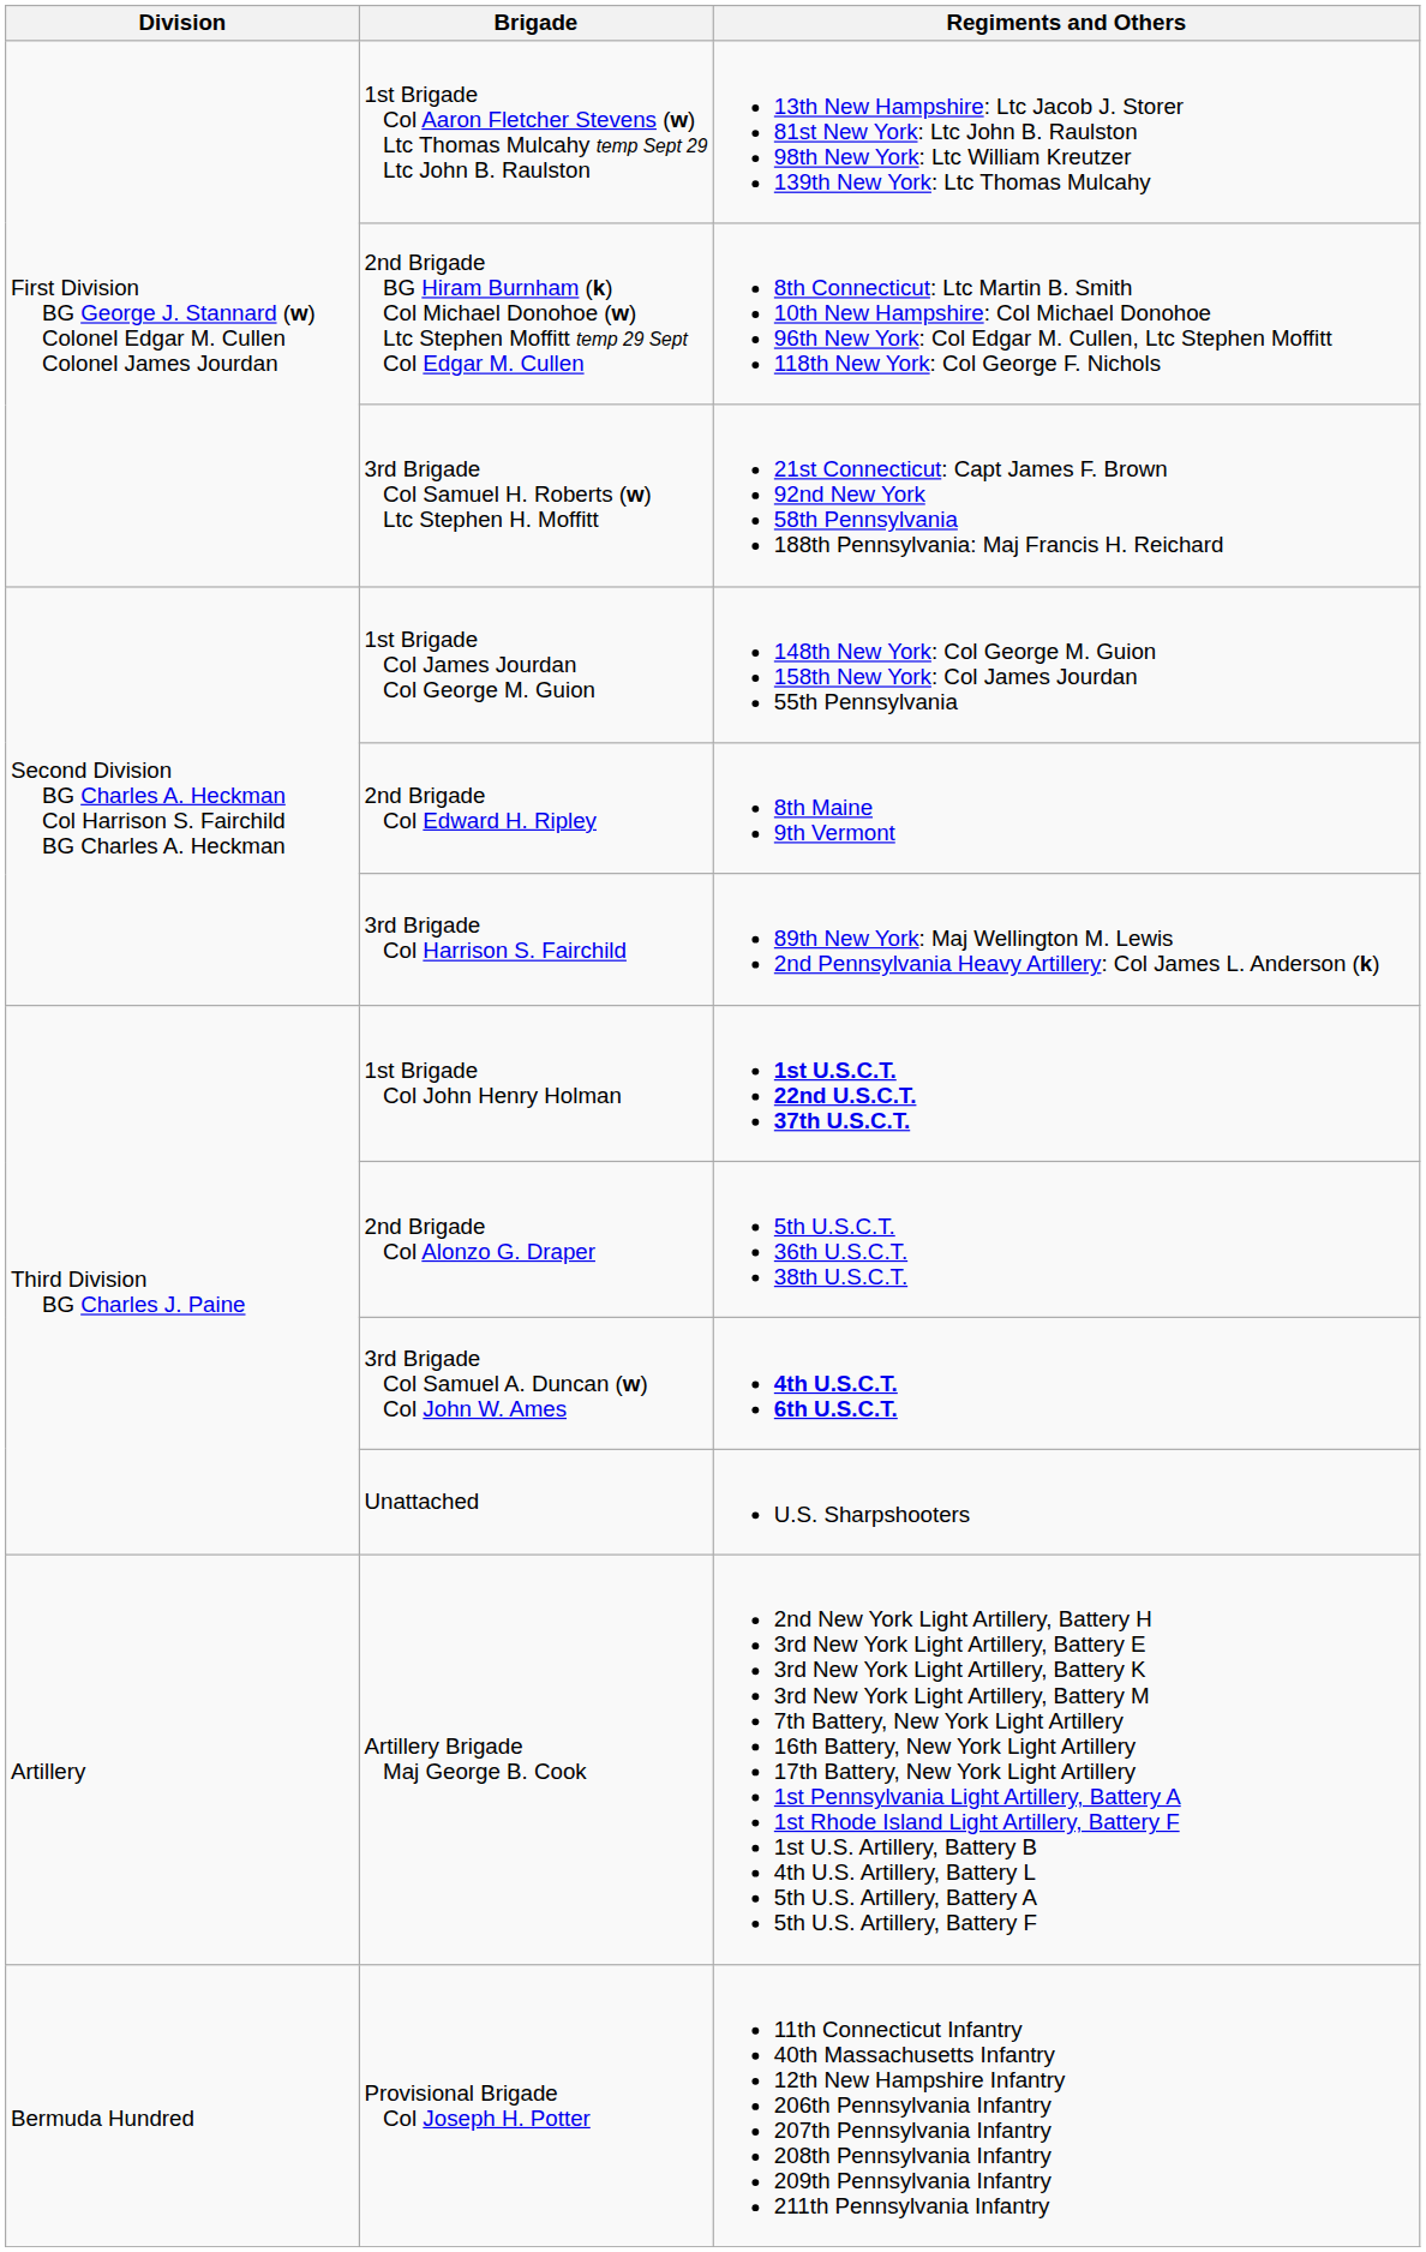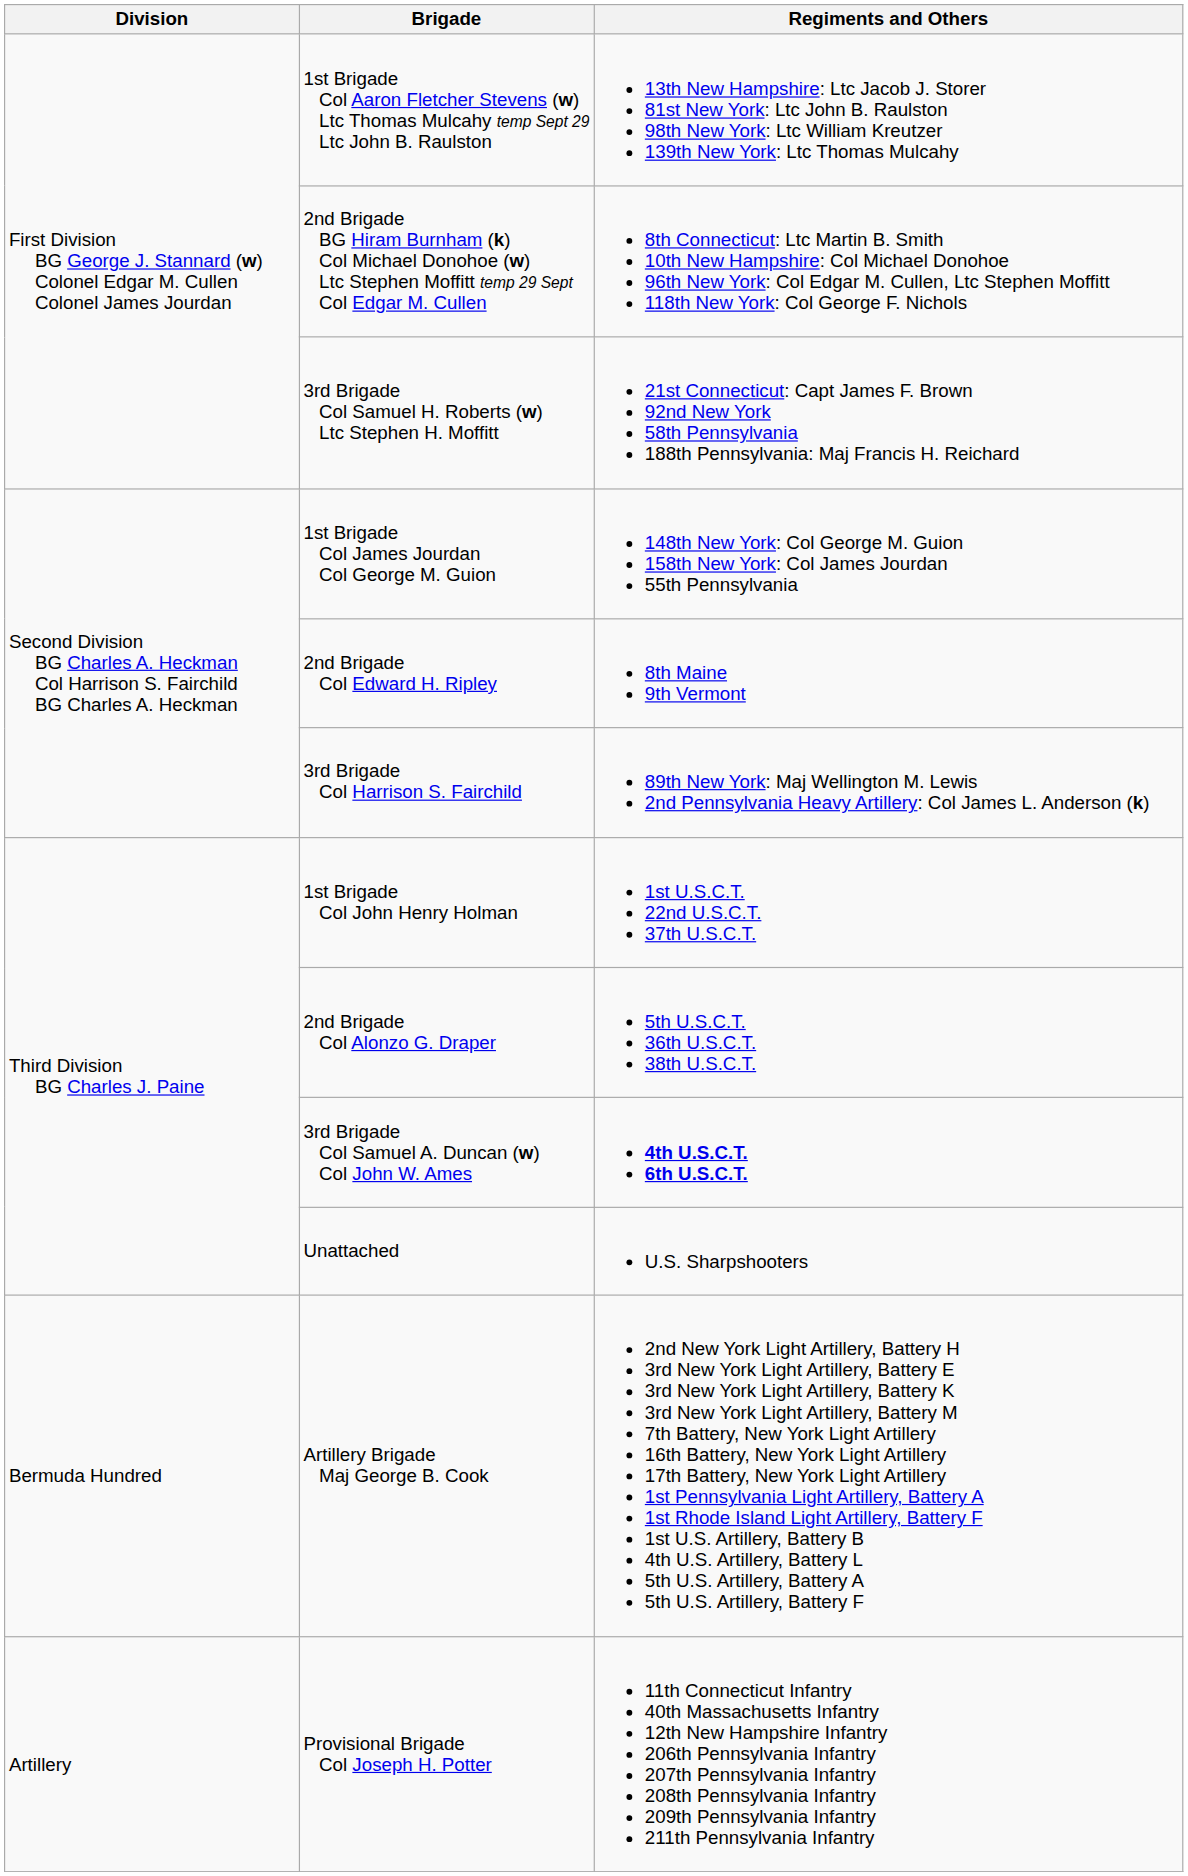 <table class="wikitable">
 <tr>
 <th width=25%>Division</th>
 <th width=25%>Brigade</th>
 <th>Regiments and Others</th>
 </tr>
 <tr>
 <td rowspan=3><br>First Division <br>     BG <a href='#'>George J. Stannard</a> (<strong>w</strong>)<br>     Colonel Edgar M. Cullen<br>     Colonel James Jourdan</td>
 <td>1st Brigade<br>   Col <a href='#'>Aaron Fletcher Stevens</a> (<strong>w</strong>)<br>   Ltc Thomas Mulcahy <small><em>temp Sept 29</em></small><br>   Ltc John B. Raulston</td>
 <td><br><ul><li><a href='#'>13th New Hampshire</a>: Ltc Jacob J. Storer</li><li><a href='#'>81st New York</a>: Ltc John B. Raulston</li><li><a href='#'>98th New York</a>: Ltc William Kreutzer</li><li><a href='#'>139th New York</a>: Ltc Thomas Mulcahy</li></ul></td>
 </tr>
 <tr>
 <td>2nd Brigade<br>   BG <a href='#'>Hiram Burnham</a> (<strong>k</strong>)<br>   Col Michael Donohoe (<strong>w</strong>)<br>   Ltc Stephen Moffitt <small><em>temp 29 Sept</em></small><br>   Col <a href='#'>Edgar M. Cullen</a></td>
 <td><br><ul><li><a href='#'>8th Connecticut</a>: Ltc Martin B. Smith</li><li><a href='#'>10th New Hampshire</a>: Col Michael Donohoe</li><li><a href='#'>96th New York</a>: Col Edgar M. Cullen, Ltc Stephen Moffitt</li><li><a href='#'>118th New York</a>: Col George F. Nichols</li></ul></td>
 </tr>
 <tr>
 <td>3rd Brigade<br>   Col Samuel H. Roberts (<strong>w</strong>)<br>   Ltc Stephen H. Moffitt</td>
 <td><br><ul><li><a href='#'>21st Connecticut</a>: Capt James F. Brown</li><li><a href='#'>92nd New York</a></li><li><a href='#'>58th Pennsylvania</a></li><li>188th Pennsylvania: Maj Francis H. Reichard</li></ul></td>
 </tr>
 <tr>
 <td rowspan=3><br>Second Division <br>     BG <a href='#'>Charles A. Heckman</a><br>     Col Harrison S. Fairchild<br>     BG Charles A. Heckman</td>
 <td>1st Brigade<br>   Col James Jourdan<br>   Col George M. Guion</td>
 <td><br><ul><li><a href='#'>148th New York</a>: Col George M. Guion</li><li><a href='#'>158th New York</a>: Col James Jourdan</li><li>55th Pennsylvania</li></ul></td>
 </tr>
 <tr>
 <td>2nd Brigade<br>   Col <a href='#'>Edward H. Ripley</a></td>
 <td><br><ul><li><a href='#'>8th Maine</a></li><li><a href='#'>9th Vermont</a></li></ul></td>
 </tr>
 <tr>
 <td>3rd Brigade<br>   Col <a href='#'>Harrison S. Fairchild</a></td>
 <td><br><ul><li><a href='#'>89th New York</a>: Maj Wellington M. Lewis</li><li><a href='#'>2nd Pennsylvania Heavy Artillery</a>: Col James L. Anderson (<strong>k</strong>)</li></ul></td>
 </tr>
 <tr>
 <td rowspan=4><br>Third Division <br>     BG <a href='#'>Charles J. Paine</a></td>
 <td>1st Brigade<br>   Col John Henry Holman</td>
-<td><strong><br><ul><li><a href='#'>1st U.S.C.T.</a></li><li><a href='#'>22nd U.S.C.T.</a></li><li><a href='#'>37th U.S.C.T.</a></li></ul></strong></td>
+<td><br><ul><li><a href='#'>1st U.S.C.T.</a></li><li><a href='#'>22nd U.S.C.T.</a></li><li><a href='#'>37th U.S.C.T.</a></li></ul></td>
 </tr>
 <tr>
 <td>2nd Brigade<br>   Col <a href='#'>Alonzo G. Draper</a></td>
 <td><br><ul><li><a href='#'>5th U.S.C.T.</a></li><li><a href='#'>36th U.S.C.T.</a></li><li><a href='#'>38th U.S.C.T.</a></li></ul></td>
 </tr>
 <tr>
 <td>3rd Brigade<br>   Col Samuel A. Duncan (<strong>w</strong>)<br>   Col <a href='#'>John W. Ames</a></td>
 <td><strong><br><ul><li><a href='#'>4th U.S.C.T.</a></li><li><a href='#'>6th U.S.C.T.</a></li></ul></strong></td>
 </tr>
 <tr>
 <td>Unattached</td>
 <td><br><ul><li>U.S. Sharpshooters</li></ul></td>
 </tr>
 <tr>
-<td rowspan=1><br>Artillery</td>
+<td rowspan=1><br>Bermuda Hundred</td>
 <td>Artillery Brigade<br>   Maj George B. Cook</td>
 <td><br><ul><li>2nd New York Light Artillery, Battery H</li><li>3rd New York Light Artillery, Battery E</li><li>3rd New York Light Artillery, Battery K</li><li>3rd New York Light Artillery, Battery M</li><li>7th Battery, New York Light Artillery</li><li>16th Battery, New York Light Artillery</li><li>17th Battery, New York Light Artillery</li><li><a href='#'>1st Pennsylvania Light Artillery, Battery A</a></li><li><a href='#'>1st Rhode Island Light Artillery, Battery F</a></li><li>1st U.S. Artillery, Battery B</li><li>4th U.S. Artillery, Battery L</li><li>5th U.S. Artillery, Battery A</li><li>5th U.S. Artillery, Battery F</li></ul></td>
 </tr>
 <tr>
-<td rowspan=1><br>Bermuda Hundred</td>
+<td rowspan=1><br>Artillery</td>
 <td>Provisional Brigade<br>   Col <a href='#'>Joseph H. Potter</a></td>
 <td><br><ul><li>11th Connecticut Infantry</li><li>40th Massachusetts Infantry</li><li>12th New Hampshire Infantry</li><li>206th Pennsylvania Infantry</li><li>207th Pennsylvania Infantry</li><li>208th Pennsylvania Infantry</li><li>209th Pennsylvania Infantry</li><li>211th Pennsylvania Infantry</li></ul></td>
 </tr>
 <tr>
 </tr>
 </table>
